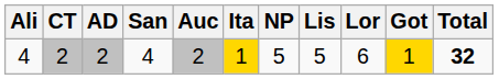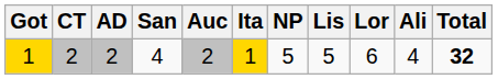 <table class="wikitable" style="text-align: center;">
 <tr>
-<th>Ali<br></th>
+<th>Got<br></th>
 <th>CT<br></th>
 <th>AD<br></th>
 <th>San<br></th>
 <th>Auc<br></th>
 <th>Ita<br></th>
 <th>NP<br></th>
 <th>Lis<br></th>
 <th>Lor<br></th>
-<th>Got<br></th>
+<th>Ali<br></th>
 <th>Total</th>
 </tr>
 <tr>
-<td>4</td>
+<td style="background-color: gold;">1</td>
 <td style="background-color: silver;">2</td>
 <td style="background-color: silver;">2</td>
 <td>4</td>
 <td style="background-color: silver;">2</td>
 <td style="background-color: gold;">1</td>
 <td>5</td>
 <td>5</td>
 <td>6</td>
-<td style="background-color: gold;">1</td>
+<td>4</td>
 <td><strong>32</strong></td>
 </tr>
 </table>
